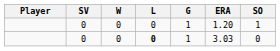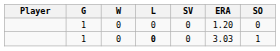 <table class="wikitable sortable">
 <tr>
 <th bgcolor="#DDDDFF" width="16%">Player</th>
-<th bgcolor="#DDDDFF" width="9%">SV</th>
+<th bgcolor="#DDDDFF" width="9%">G</th>
 <th bgcolor="#DDDDFF" width="9%">W</th>
 <th bgcolor="#DDDDFF" width="9%">L</th>
-<th bgcolor="#DDDDFF" width="9%">G</th>
+<th bgcolor="#DDDDFF" width="9%">SV</th>
 <th bgcolor="#DDDDFF" width="9%">ERA</th>
 <th bgcolor="#DDDDFF" width="9%">SO</th>
 </tr>
 <tr align="center">
 <td></td>
+<td>1</td>
 <td>0</td>
 <td>0</td>
 <td>0</td>
-<td>1</td>
 <td>1.20</td>
-<td>1</td>
+<td>0</td>
 </tr>
 <tr align="center">
 <td></td>
-<td>0</td>
+<td>1</td>
 <td>0</td>
 <td><strong>0</strong></td>
+<td>0</td>
+<td>3.03</td>
 <td>1</td>
-<td>3.03</td>
-<td>0</td>
 </tr>
 </table>
